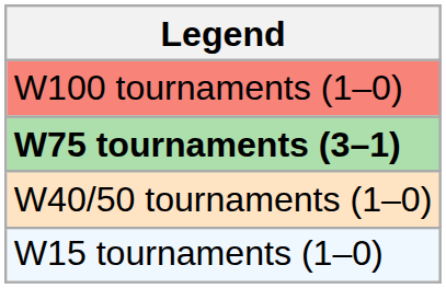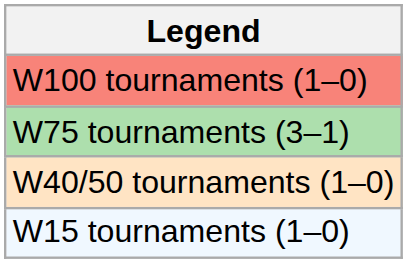 <table class=wikitable style="font-size:85%;">
 <tr>
 <th>Legend</th>
 </tr>
 <tr style="background:#f88379;">
 <td>W100 tournaments (1–0)</td>
 </tr>
 <tr style="background:#addfad;">
-<td><strong>W75 tournaments (3–1)</strong></td>
+<td>W75 tournaments (3–1)</td>
 </tr>
 <tr style="background:#ffe4c4;">
 <td>W40/50 tournaments (1–0)</td>
 </tr>
 <tr style="background:#f0f8ff;">
 <td>W15 tournaments (1–0)</td>
 </tr>
 </table>
